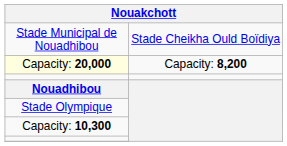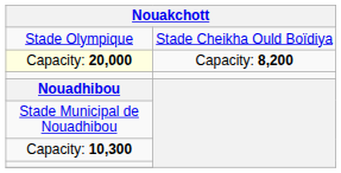 <table class="wikitable" style="margin:1em auto; text-align:center">
 <tr>
 <th colspan=2><a href='#'>Nouakchott</a></th>
 </tr>
 <tr>
-<td><a href='#'>Stade Municipal de Nouadhibou</a></td>
+<td><a href='#'>Stade Olympique</a></td>
 <td><a href='#'>Stade Cheikha Ould Boïdiya</a></td>
 </tr>
 <tr>
 <td style="background: lightyellow;">Capacity: <strong>20,000</strong></td>
 <td>Capacity: <strong>8,200</strong></td>
 </tr>
 <tr>
 <td></td>
 <td></td>
 </tr>
 <tr>
 <th width=160><a href='#'>Nouadhibou</a></th>
 <th rowspan=8><br></th>
 </tr>
 <tr>
-<td><a href='#'>Stade Olympique</a></td>
+<td><a href='#'>Stade Municipal de Nouadhibou</a></td>
 </tr>
 <tr>
 <td>Capacity: <strong>10,300</strong></td>
 </tr>
 <tr>
 <td></td>
 </tr>
 <tr>
 </tr>
 </table>
